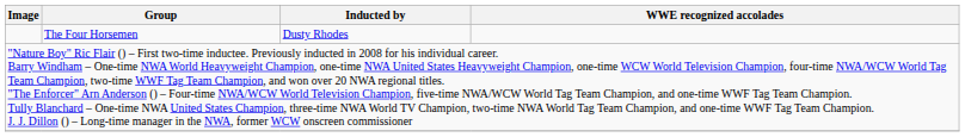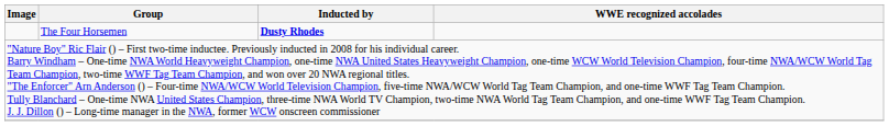 <table class="wikitable" style="font-size: 95%">
 <tr>
 <th style="width:1%;">Image</th>
 <th style="width:25%;">Group</th>
 <th style="width:20%;">Inducted by</th>
 <th class="unsortable">WWE recognized accolades</th>
 </tr>
 <tr>
 <td rowspan=1></td>
 <td><a href='#'>The Four Horsemen</a></td>
-<td><a href='#'>Dusty Rhodes</a></td>
+<td><strong><a href='#'>Dusty Rhodes</a></strong></td>
 <td></td>
 </tr>
 <tr>
 <td colspan=4><a href='#'>"Nature Boy" Ric Flair</a> () – First two-time inductee. Previously inducted in 2008 for his individual career.<br><a href='#'>Barry Windham</a> – One-time <a href='#'>NWA World Heavyweight Champion</a>, one-time <a href='#'>NWA United States Heavyweight Champion</a>, one-time <a href='#'>WCW World Television Champion</a>, four-time <a href='#'>NWA/WCW World Tag Team Champion</a>, two-time <a href='#'>WWF Tag Team Champion</a>, and won over 20 NWA regional titles.<br><a href='#'>"The Enforcer" Arn Anderson</a> () – Four-time <a href='#'>NWA/WCW World Television Champion</a>, five-time NWA/WCW World Tag Team Champion, and one-time WWF Tag Team Champion.<br><a href='#'>Tully Blanchard</a> – One-time NWA <a href='#'>United States Champion</a>, three-time NWA World TV Champion, two-time NWA World Tag Team Champion, and one-time WWF Tag Team Champion.<br><a href='#'>J. J. Dillon</a> () – Long-time manager in the <a href='#'>NWA</a>, former <a href='#'>WCW</a> onscreen commissioner</td>
 </tr>
 <tr>
 </tr>
 </table>
